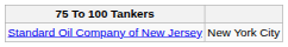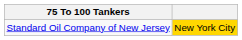 <table class="wikitable">
 <tr>
 <th>75 To 100 Tankers</th>
 <th></th>
 </tr>
 <tr>
 <td><a href='#'>Standard Oil Company of New Jersey</a></td>
-<td>New York City</td>
+<td style="background: gold;">New York City</td>
 </tr>
 </table>
